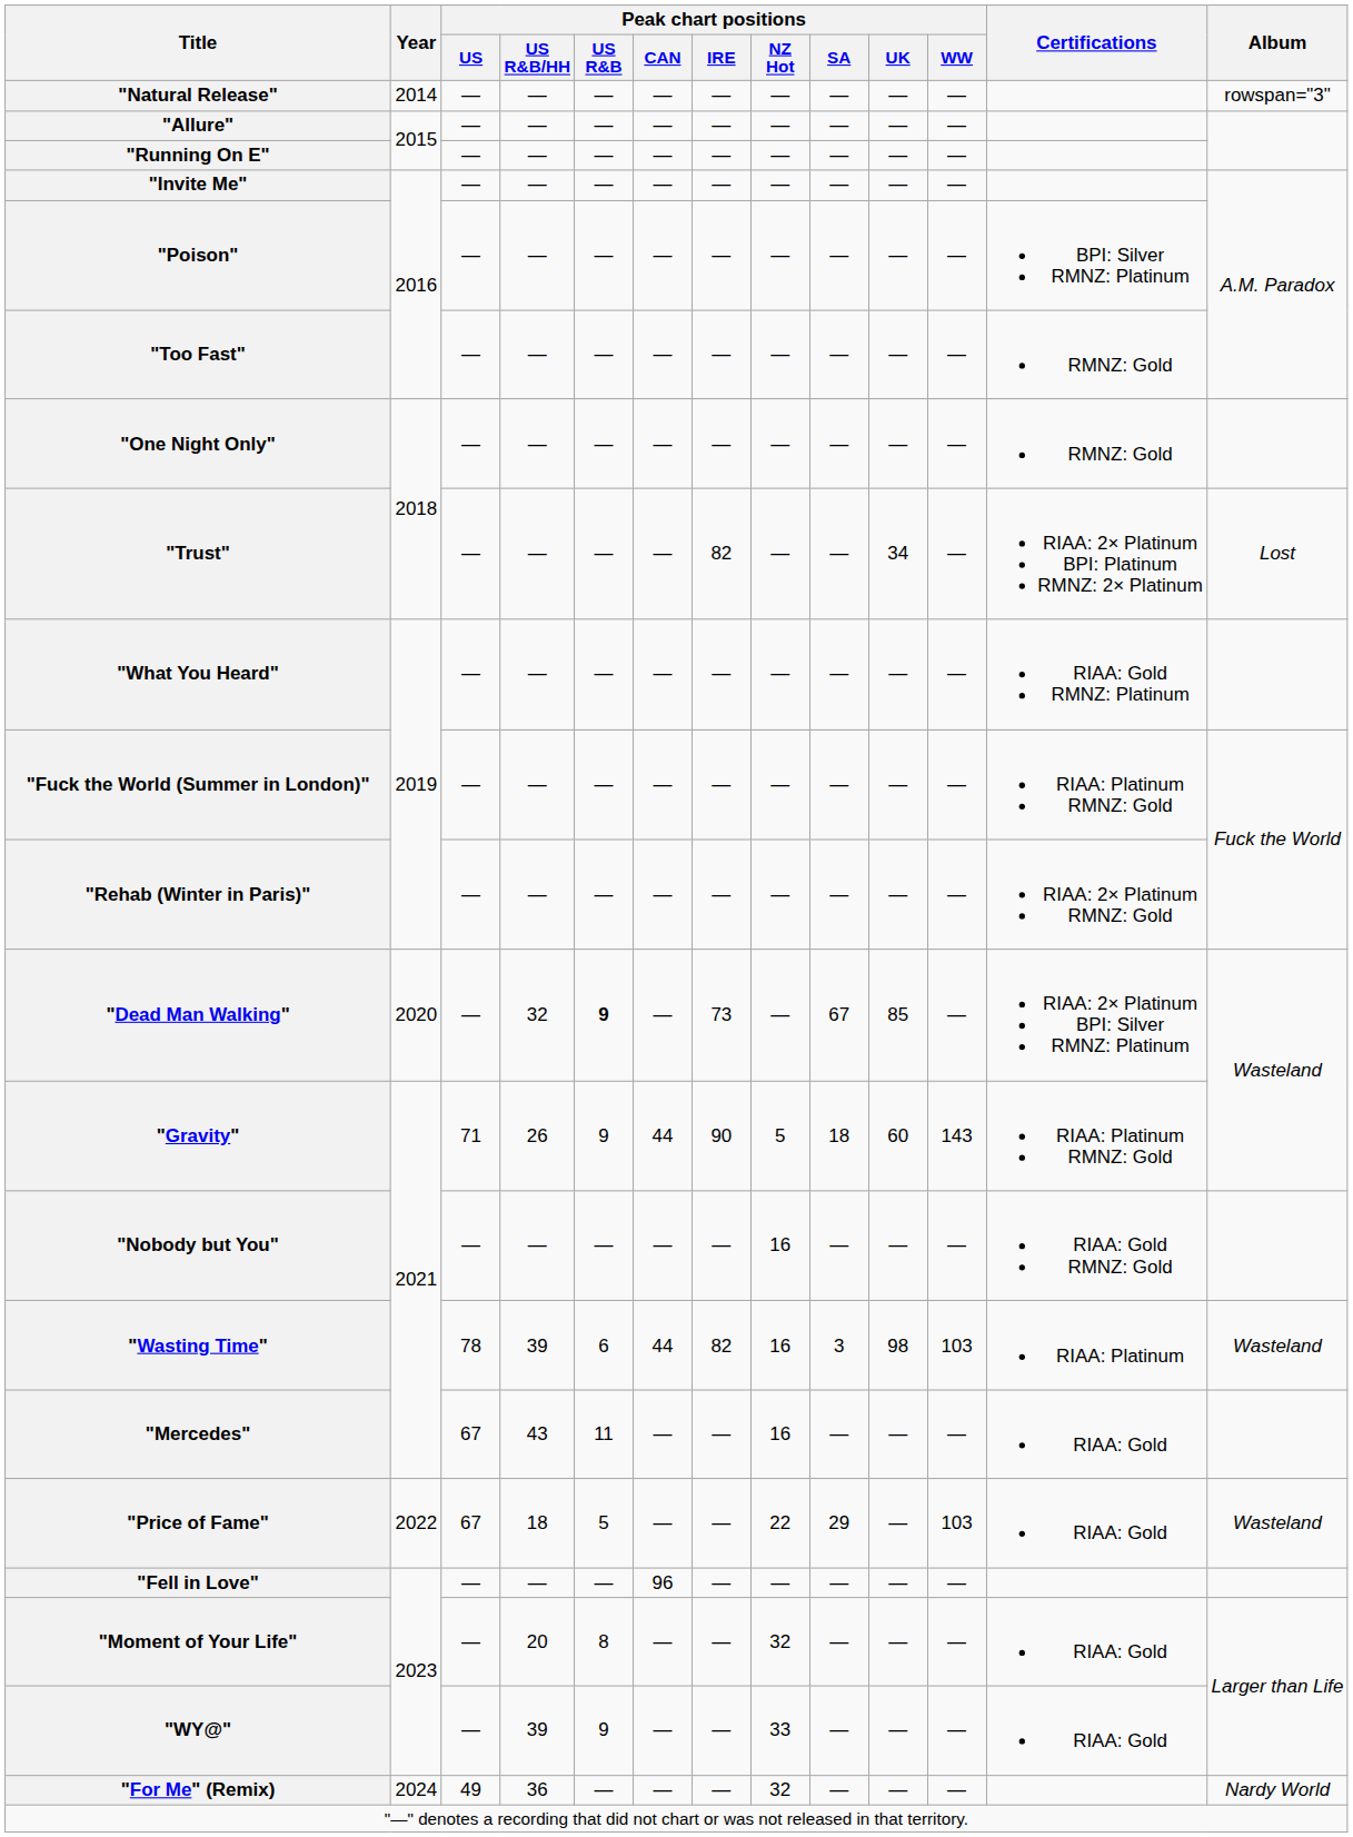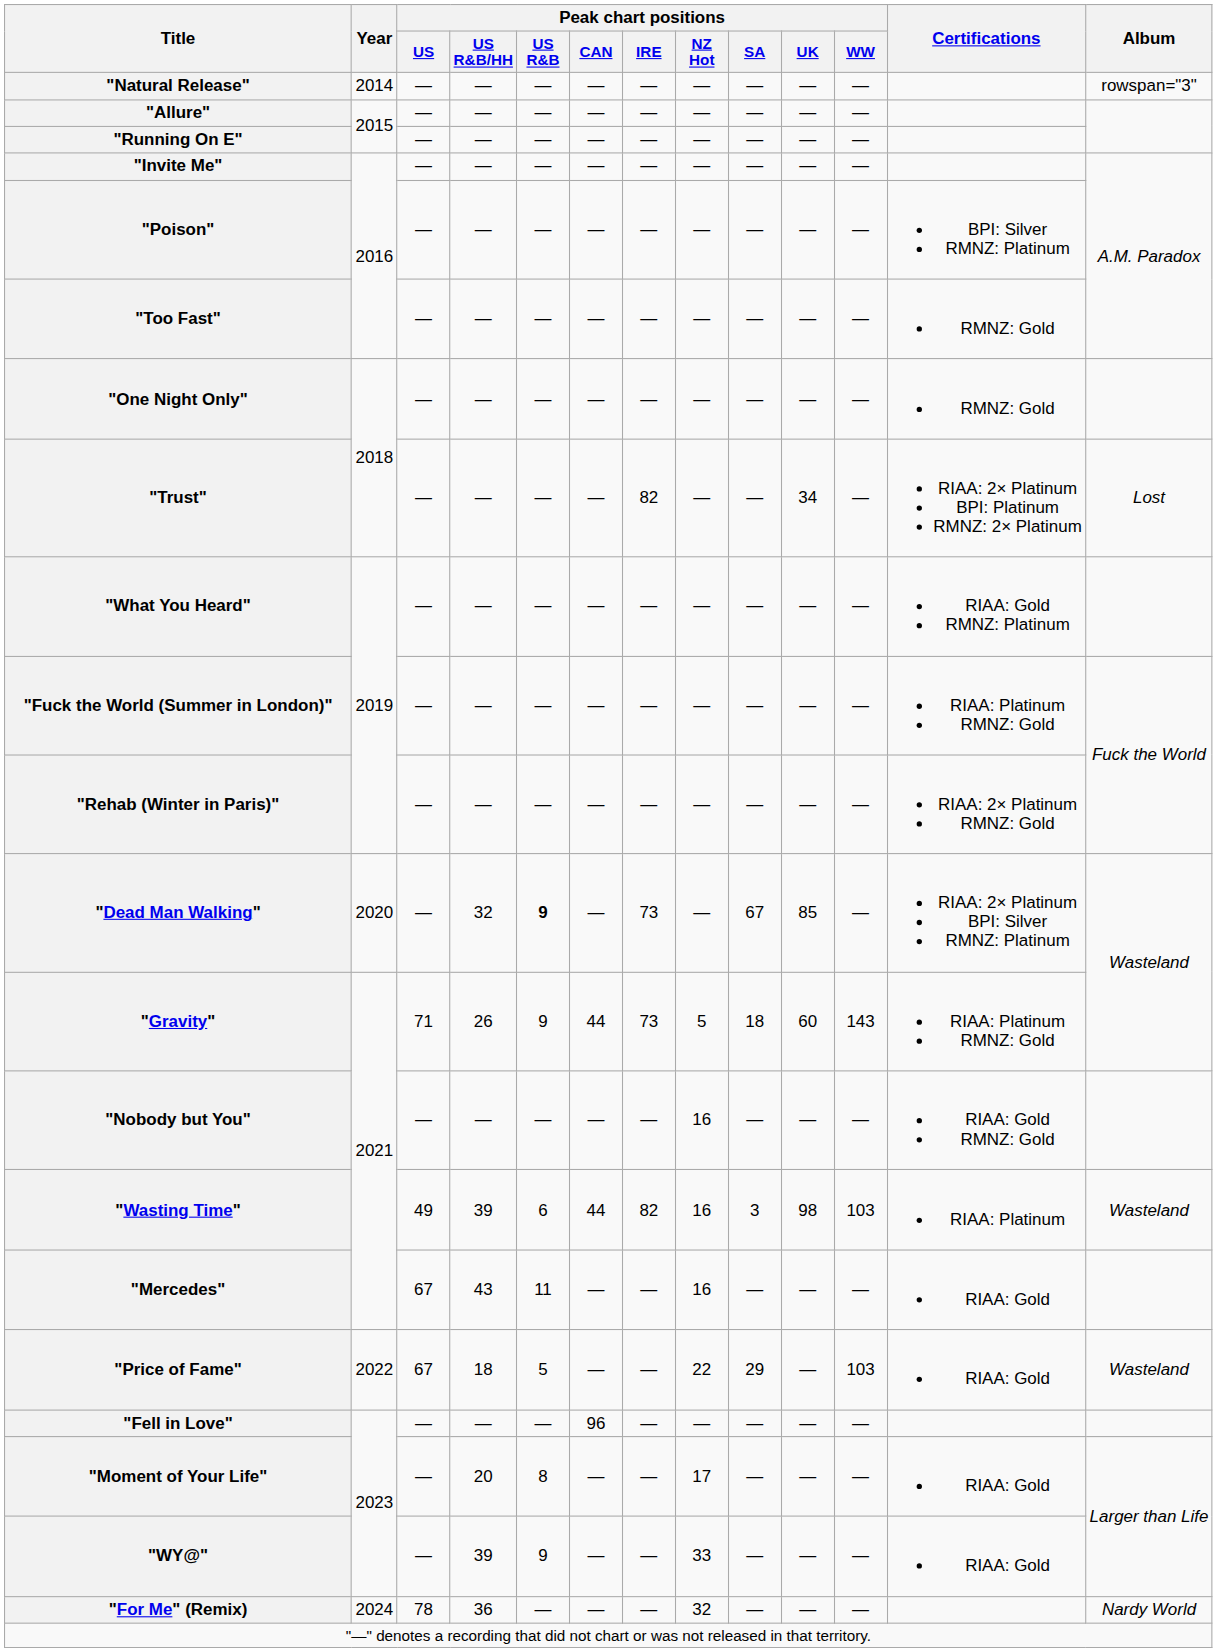 <table class="wikitable plainrowheaders" style="text-align:center;">
 <tr>
 <th scope="col" rowspan="2" style="width:20em;">Title</th>
 <th scope="col" rowspan="2" style="width:1em;">Year</th>
 <th scope="col" colspan="9">Peak chart positions</th>
 <th rowspan="2"><a href='#'>Certifications</a></th>
 <th scope="col" rowspan="2">Album</th>
 </tr>
 <tr>
 <th scope="col" style="width:3em;font-size:90%;"><a href='#'>US</a><br></th>
 <th scope="col" style="width:3em;font-size:90%;"><a href='#'>US<br>R&B/HH</a><br></th>
 <th scope="col" style="width:3em;font-size:90%;"><a href='#'>US<br>R&B</a><br></th>
 <th scope="col" style="width:3em;font-size:90%;"><a href='#'>CAN</a><br></th>
 <th scope="col" style="width:3em;font-size:90%;"><a href='#'>IRE</a><br></th>
 <th scope="col" style="width:3em;font-size:90%;"><a href='#'>NZ Hot</a><br></th>
 <th scope="col" style="width:3em;font-size:90%;"><a href='#'>SA</a><br></th>
 <th scope="col" style="width:3em;font-size:90%;"><a href='#'>UK</a><br></th>
 <th scope="col" style="width:3em;font-size:90%;"><a href='#'>WW</a><br></th>
 </tr>
 <tr>
 <th scope="row">"Natural Release"</th>
 <td>2014</td>
 <td>—</td>
 <td>—</td>
 <td>—</td>
 <td>—</td>
 <td>—</td>
 <td>—</td>
 <td>—</td>
 <td>—</td>
 <td>—</td>
 <td></td>
 <td>rowspan="3" </td>
 </tr>
 <tr>
 <th scope="row">"Allure"</th>
 <td rowspan="2">2015</td>
 <td>—</td>
 <td>—</td>
 <td>—</td>
 <td>—</td>
 <td>—</td>
 <td>—</td>
 <td>—</td>
 <td>—</td>
 <td>—</td>
 <td></td>
 </tr>
 <tr>
 <th scope="row">"Running On E"</th>
 <td>—</td>
 <td>—</td>
 <td>—</td>
 <td>—</td>
 <td>—</td>
 <td>—</td>
 <td>—</td>
 <td>—</td>
 <td>—</td>
 <td></td>
 </tr>
 <tr>
 <th scope="row">"Invite Me"</th>
 <td rowspan="3">2016</td>
 <td>—</td>
 <td>—</td>
 <td>—</td>
 <td>—</td>
 <td>—</td>
 <td>—</td>
 <td>—</td>
 <td>—</td>
 <td>—</td>
 <td></td>
 <td rowspan="3"><em>A.M. Paradox</em></td>
 </tr>
 <tr>
 <th scope="row">"Poison"</th>
 <td>—</td>
 <td>—</td>
 <td>—</td>
 <td>—</td>
 <td>—</td>
 <td>—</td>
 <td>—</td>
 <td>—</td>
 <td>—</td>
 <td><br><ul><li>BPI: Silver</li><li>RMNZ: Platinum</li></ul></td>
 </tr>
 <tr>
 <th scope="row">"Too Fast"<br></th>
 <td>—</td>
 <td>—</td>
 <td>—</td>
 <td>—</td>
 <td>—</td>
 <td>—</td>
 <td>—</td>
 <td>—</td>
 <td>—</td>
 <td><br><ul><li>RMNZ: Gold</li></ul></td>
 </tr>
 <tr>
 <th scope="row">"One Night Only"<br></th>
 <td rowspan=2>2018</td>
 <td>—</td>
 <td>—</td>
 <td>—</td>
 <td>—</td>
 <td>—</td>
 <td>—</td>
 <td>—</td>
 <td>—</td>
 <td>—</td>
 <td><br><ul><li>RMNZ: Gold</li></ul></td>
 <td></td>
 </tr>
 <tr>
 <th scope="row">"Trust"</th>
 <td>—</td>
 <td>—</td>
 <td>—</td>
 <td>—</td>
 <td>82</td>
 <td>—</td>
 <td>—</td>
 <td>34</td>
 <td>—</td>
 <td><br><ul><li>RIAA: 2× Platinum</li><li>BPI: Platinum</li><li>RMNZ: 2× Platinum</li></ul></td>
 <td><em>Lost</em></td>
 </tr>
 <tr>
 <th scope="row">"What You Heard"<br></th>
 <td rowspan="3">2019</td>
 <td>—</td>
 <td>—</td>
 <td>—</td>
 <td>—</td>
 <td>—</td>
 <td>—</td>
 <td>—</td>
 <td>—</td>
 <td>—</td>
 <td><br><ul><li>RIAA: Gold</li><li>RMNZ: Platinum</li></ul></td>
 <td></td>
 </tr>
 <tr>
 <th scope="row">"Fuck the World (Summer in London)"</th>
 <td>—</td>
 <td>—</td>
 <td>—</td>
 <td>—</td>
 <td>—</td>
 <td>—</td>
 <td>—</td>
 <td>—</td>
 <td>—</td>
 <td><br><ul><li>RIAA: Platinum</li><li>RMNZ: Gold</li></ul></td>
 <td rowspan="2"><em>Fuck the World</em></td>
 </tr>
 <tr>
 <th scope="row">"Rehab (Winter in Paris)"</th>
 <td>—</td>
 <td>—</td>
 <td>—</td>
 <td>—</td>
 <td>—</td>
 <td>—</td>
 <td>—</td>
 <td>—</td>
 <td>—</td>
 <td><br><ul><li>RIAA: 2× Platinum</li><li>RMNZ: Gold</li></ul></td>
 </tr>
 <tr>
 <th scope="row">"<a href='#'>Dead Man Walking</a>"</th>
 <td>2020</td>
 <td>—</td>
 <td>32</td>
 <td><strong>9</strong></td>
 <td>—</td>
 <td>73</td>
 <td>—</td>
 <td>67</td>
 <td>85</td>
 <td>—</td>
 <td><br><ul><li>RIAA: 2× Platinum</li><li>BPI: Silver</li><li>RMNZ: Platinum</li></ul></td>
 <td rowspan="2"><em>Wasteland</em></td>
 </tr>
 <tr>
 <th scope="row">"<a href='#'>Gravity</a>"<br></th>
 <td rowspan="4">2021</td>
 <td>71</td>
 <td>26</td>
 <td>9</td>
 <td>44</td>
-<td>90</td>
+<td>73</td>
 <td>5</td>
 <td>18</td>
 <td>60</td>
 <td>143</td>
 <td><br><ul><li>RIAA: Platinum</li><li>RMNZ: Gold</li></ul></td>
 </tr>
 <tr>
 <th scope="row">"Nobody but You"<br></th>
 <td>—</td>
 <td>—</td>
 <td>—</td>
 <td>—</td>
 <td>—</td>
 <td>16</td>
 <td>—</td>
 <td>—</td>
 <td>—</td>
 <td><br><ul><li>RIAA: Gold</li><li>RMNZ: Gold</li></ul></td>
 <td></td>
 </tr>
 <tr>
 <th scope="row">"<a href='#'>Wasting Time</a>"<br></th>
-<td>78</td>
+<td>49</td>
 <td>39</td>
 <td>6</td>
 <td>44</td>
 <td>82</td>
 <td>16</td>
 <td>3</td>
 <td>98</td>
 <td>103</td>
 <td><br><ul><li>RIAA: Platinum</li></ul></td>
 <td><em>Wasteland</em></td>
 </tr>
 <tr>
 <th scope="row">"Mercedes"</th>
 <td>67</td>
 <td>43</td>
 <td>11</td>
 <td>—</td>
 <td>—</td>
 <td>16</td>
 <td>—</td>
 <td>—</td>
 <td>—</td>
 <td><br><ul><li>RIAA: Gold</li></ul></td>
 <td></td>
 </tr>
 <tr>
 <th scope="row">"Price of Fame"</th>
 <td>2022</td>
 <td>67</td>
 <td>18</td>
 <td>5</td>
 <td>—</td>
 <td>—</td>
 <td>22</td>
 <td>29</td>
 <td>—</td>
 <td>103</td>
 <td><br><ul><li>RIAA: Gold</li></ul></td>
 <td><em>Wasteland</em></td>
 </tr>
 <tr>
 <th scope="row">"Fell in Love"<br></th>
 <td rowspan="3">2023</td>
 <td>—</td>
 <td>—</td>
 <td>—</td>
 <td>96</td>
 <td>—</td>
 <td>—</td>
 <td>—</td>
 <td>—</td>
 <td>—</td>
 <td></td>
 <td></td>
 </tr>
 <tr>
 <th scope="row">"Moment of Your Life"<br></th>
 <td>—</td>
 <td>20</td>
 <td>8</td>
 <td>—</td>
 <td>—</td>
-<td>32</td>
+<td>17</td>
 <td>—</td>
 <td>—</td>
 <td>—</td>
 <td><br><ul><li>RIAA: Gold</li></ul></td>
 <td rowspan="2"><em>Larger than Life</em></td>
 </tr>
 <tr>
 <th scope="row">"WY@"</th>
 <td>—</td>
 <td>39</td>
 <td>9</td>
 <td>—</td>
 <td>—</td>
 <td>33</td>
 <td>—</td>
 <td>—</td>
 <td>—</td>
 <td><br><ul><li>RIAA: Gold</li></ul></td>
 </tr>
 <tr>
 <th scope="row">"<a href='#'>For Me</a>" (Remix)<br></th>
 <td>2024</td>
-<td>49</td>
+<td>78</td>
 <td>36</td>
 <td>—</td>
 <td>—</td>
 <td>—</td>
 <td>32</td>
 <td>—</td>
 <td>—</td>
 <td>—</td>
 <td></td>
 <td><em>Nardy World</em></td>
 </tr>
 <tr>
 <td colspan="13" style="font-size:90%">"—" denotes a recording that did not chart or was not released in that territory.</td>
 </tr>
 </table>
